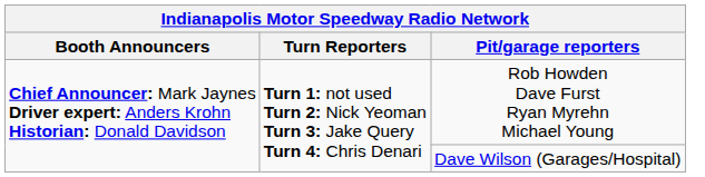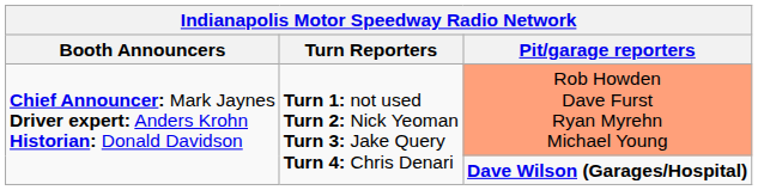 <table class="wikitable" style="font-size: 95%;">
 <tr>
 <th colspan=3><a href='#'>Indianapolis Motor Speedway Radio Network</a></th>
 </tr>
 <tr>
 <th>Booth Announcers</th>
 <th>Turn Reporters</th>
 <th><a href='#'>Pit/garage reporters</a></th>
 </tr>
 <tr>
 <td valign="top" rowspan=2><br><strong><a href='#'>Chief Announcer</a>:</strong> Mark Jaynes<br> <strong>Driver expert:</strong> <a href='#'>Anders Krohn</a><br> <strong><a href='#'>Historian</a>:</strong> <a href='#'>Donald Davidson</a><br></td>
 <td valign="top" rowspan=2><br><strong>Turn 1:</strong> not used<br> <strong>Turn 2:</strong> Nick Yeoman<br> <strong>Turn 3:</strong> Jake Query<br> <strong>Turn 4:</strong> Chris Denari<br></td>
-<td align="center" valign="top">Rob Howden<br>Dave Furst<br>Ryan Myrehn<br>Michael Young</td>
+<td align="center" valign="top" style="background: lightsalmon;">Rob Howden<br>Dave Furst<br>Ryan Myrehn<br>Michael Young</td>
 </tr>
 <tr>
-<td valign="top"><a href='#'>Dave Wilson</a> (Garages/Hospital)</td>
+<td valign="top"><strong><a href='#'>Dave Wilson</a> (Garages/Hospital)</strong></td>
 </tr>
 </table>
